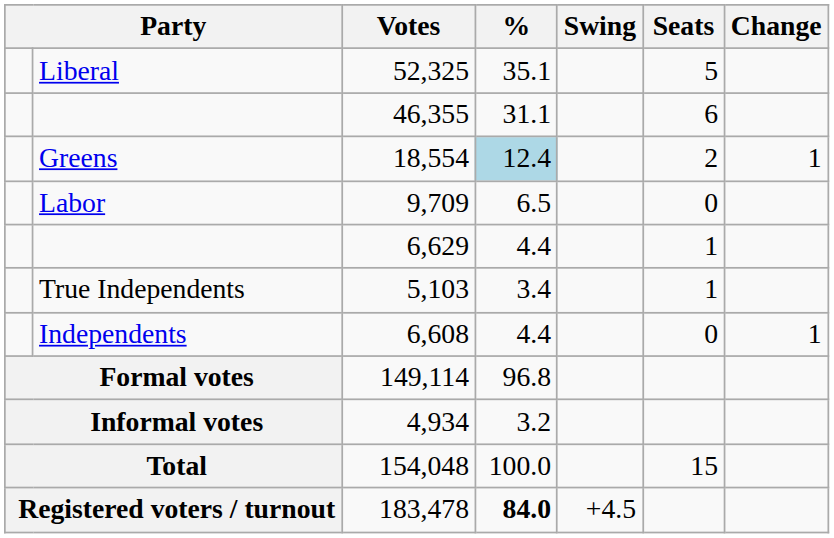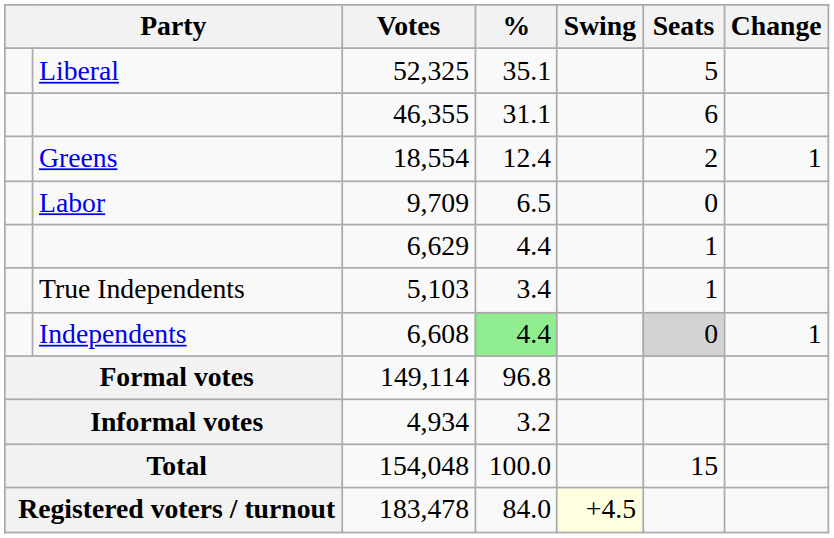 <table class="wikitable" style="text-align:right; margin-bottom:0">
 <tr>
 <th style="width:10px" colspan=3>Party</th>
 <th style="width:70px;">Votes</th>
 <th style="width:40px;">%</th>
 <th style="width:40px;">Swing</th>
 <th style="width:40px;">Seats</th>
 <th style="width:40px;">Change</th>
 </tr>
 <tr>
 <td> </td>
 <td style="text-align:left;" colspan="2"><a href='#'>Liberal</a></td>
 <td>52,325</td>
 <td>35.1</td>
 <td></td>
 <td>5</td>
 <td></td>
 </tr>
 <tr>
 <td> </td>
 <td style="text-align:left;" colspan="2"></td>
 <td>46,355</td>
 <td>31.1</td>
 <td></td>
 <td>6</td>
 <td></td>
 </tr>
 <tr>
 <td> </td>
 <td style="text-align:left;" colspan="2"><a href='#'>Greens</a></td>
 <td>18,554</td>
-<td style="background: lightblue;">12.4</td>
+<td>12.4</td>
 <td></td>
 <td>2</td>
 <td> 1</td>
 </tr>
 <tr>
 <td> </td>
 <td style="text-align:left;" colspan="2"><a href='#'>Labor</a></td>
 <td>9,709</td>
 <td>6.5</td>
 <td></td>
 <td>0</td>
 <td></td>
 </tr>
 <tr>
 <td> </td>
 <td style="text-align:left;" colspan="2"></td>
 <td>6,629</td>
 <td>4.4</td>
 <td></td>
 <td>1</td>
 <td></td>
 </tr>
 <tr>
 <td> </td>
 <td style="text-align:left;" colspan="2">True Independents</td>
 <td>5,103</td>
 <td>3.4</td>
 <td></td>
 <td>1</td>
 <td></td>
 </tr>
 <tr>
 <td> </td>
 <td style="text-align:left;" colspan="2"><a href='#'>Independents</a></td>
 <td>6,608</td>
-<td>4.4</td>
+<td style="background: lightgreen;">4.4</td>
 <td></td>
-<td>0</td>
+<td style="background: lightgrey;">0</td>
 <td> 1</td>
 </tr>
 <tr>
 <th colspan="3" rowspan="1"> Formal votes</th>
 <td>149,114</td>
 <td>96.8</td>
 <td></td>
 <td></td>
 <td></td>
 </tr>
 <tr>
 <th colspan="3" rowspan="1"> Informal votes</th>
 <td>4,934</td>
 <td>3.2</td>
 <td></td>
 <td></td>
 <td></td>
 </tr>
 <tr>
 <th colspan="3" rowspan="1"> <strong>Total </strong></th>
 <td>154,048</td>
 <td>100.0</td>
 <td></td>
 <td>15</td>
 <td></td>
 </tr>
 <tr>
 <th colspan="3" rowspan="1"> Registered voters / turnout</th>
 <td>183,478</td>
-<td><strong>84.0</strong></td>
-<td>+4.5</td>
+<td>84.0</td>
+<td style="background: lightyellow;">+4.5</td>
 <td></td>
 <td></td>
 </tr>
 </table>
